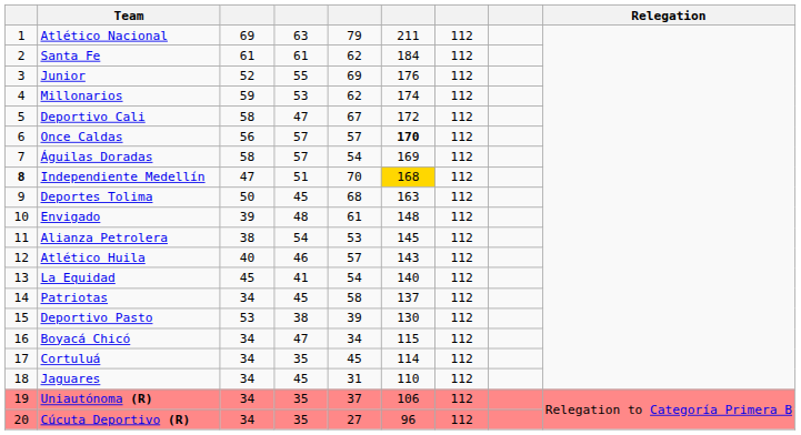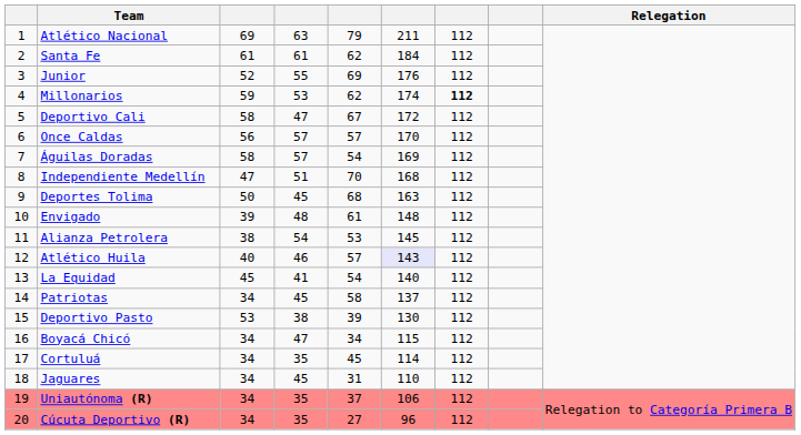 <table class="wikitable" style="text-align: center;">
 <tr>
 <th width=28><br></th>
 <th width=185>Team</th>
 <th width=50></th>
 <th width=50></th>
 <th width=50></th>
 <th width=50></th>
 <th width=50></th>
 <th width=50><br></th>
 <th>Relegation</th>
 </tr>
 <tr>
 <td>1</td>
 <td align="left"><a href='#'>Atlético Nacional</a></td>
 <td>69</td>
 <td>63</td>
 <td>79</td>
 <td>211</td>
 <td>112</td>
 <td><strong></strong></td>
 </tr>
 <tr>
 <td>2</td>
 <td align="left"><a href='#'>Santa Fe</a></td>
 <td>61</td>
 <td>61</td>
 <td>62</td>
 <td>184</td>
 <td>112</td>
 <td><strong></strong></td>
 </tr>
 <tr>
 <td>3</td>
 <td align="left"><a href='#'>Junior</a></td>
 <td>52</td>
 <td>55</td>
 <td>69</td>
 <td>176</td>
 <td>112</td>
 <td><strong></strong></td>
 </tr>
 <tr>
 <td>4</td>
 <td align="left"><a href='#'>Millonarios</a></td>
 <td>59</td>
 <td>53</td>
 <td>62</td>
 <td>174</td>
-<td>112</td>
+<td><strong>112</strong></td>
 <td><strong></strong></td>
 </tr>
 <tr>
 <td>5</td>
 <td align="left"><a href='#'>Deportivo Cali</a></td>
 <td>58</td>
 <td>47</td>
 <td>67</td>
 <td>172</td>
 <td>112</td>
 <td><strong></strong></td>
 </tr>
 <tr>
 <td>6</td>
 <td align="left"><a href='#'>Once Caldas</a></td>
 <td>56</td>
 <td>57</td>
 <td>57</td>
-<td><strong>170</strong></td>
+<td>170</td>
 <td>112</td>
 <td><strong></strong></td>
 </tr>
 <tr>
 <td>7</td>
 <td align="left"><a href='#'>Águilas Doradas</a></td>
 <td>58</td>
 <td>57</td>
 <td>54</td>
 <td>169</td>
 <td>112</td>
 <td><strong></strong></td>
 </tr>
 <tr>
-<td><strong>8</strong></td>
+<td>8</td>
 <td align="left"><a href='#'>Independiente Medellín</a></td>
 <td>47</td>
 <td>51</td>
 <td>70</td>
-<td style="background: gold;">168</td>
+<td>168</td>
 <td>112</td>
 <td><strong></strong></td>
 </tr>
 <tr>
 <td>9</td>
 <td align="left"><a href='#'>Deportes Tolima</a></td>
 <td>50</td>
 <td>45</td>
 <td>68</td>
 <td>163</td>
 <td>112</td>
 <td><strong></strong></td>
 </tr>
 <tr>
 <td>10</td>
 <td align="left"><a href='#'>Envigado</a></td>
 <td>39</td>
 <td>48</td>
 <td>61</td>
 <td>148</td>
 <td>112</td>
 <td><strong></strong></td>
 </tr>
 <tr>
 <td>11</td>
 <td align="left"><a href='#'>Alianza Petrolera</a></td>
 <td>38</td>
 <td>54</td>
 <td>53</td>
 <td>145</td>
 <td>112</td>
 <td><strong></strong></td>
 </tr>
 <tr>
 <td>12</td>
 <td align="left"><a href='#'>Atlético Huila</a></td>
 <td>40</td>
 <td>46</td>
 <td>57</td>
-<td>143</td>
+<td style="background: lavender;">143</td>
 <td>112</td>
 <td><strong></strong></td>
 </tr>
 <tr>
 <td>13</td>
 <td align="left"><a href='#'>La Equidad</a></td>
 <td>45</td>
 <td>41</td>
 <td>54</td>
 <td>140</td>
 <td>112</td>
 <td><strong></strong></td>
 </tr>
 <tr>
 <td>14</td>
 <td align="left"><a href='#'>Patriotas</a></td>
 <td>34</td>
 <td>45</td>
 <td>58</td>
 <td>137</td>
 <td>112</td>
 <td><strong></strong></td>
 </tr>
 <tr>
 <td>15</td>
 <td align="left"><a href='#'>Deportivo Pasto</a></td>
 <td>53</td>
 <td>38</td>
 <td>39</td>
 <td>130</td>
 <td>112</td>
 <td><strong></strong></td>
 </tr>
 <tr>
 <td>16</td>
 <td align="left"><a href='#'>Boyacá Chicó</a></td>
 <td>34</td>
 <td>47</td>
 <td>34</td>
 <td>115</td>
 <td>112</td>
 <td><strong></strong></td>
 </tr>
 <tr>
 <td>17</td>
 <td align="left"><a href='#'>Cortuluá</a></td>
 <td>34</td>
 <td>35</td>
 <td>45</td>
 <td>114</td>
 <td>112</td>
 <td><strong></strong></td>
 </tr>
 <tr>
 <td>18</td>
 <td align="left"><a href='#'>Jaguares</a></td>
 <td>34</td>
 <td>45</td>
 <td>31</td>
 <td>110</td>
 <td>112</td>
 <td><strong></strong></td>
 </tr>
 <tr bgcolor=#FF8888>
 <td>19</td>
 <td align="left"><a href='#'>Uniautónoma</a> <strong>(R)</strong></td>
 <td>34</td>
 <td>35</td>
 <td>37</td>
 <td>106</td>
 <td>112</td>
 <td><strong></strong></td>
 <td rowspan=2>Relegation to <a href='#'>Categoría Primera B</a></td>
 </tr>
 <tr bgcolor=#FF8888>
 <td>20</td>
 <td align="left"><a href='#'>Cúcuta Deportivo</a> <strong>(R)</strong></td>
 <td>34</td>
 <td>35</td>
 <td>27</td>
 <td>96</td>
 <td>112</td>
 <td><strong></strong></td>
 </tr>
 </table>
